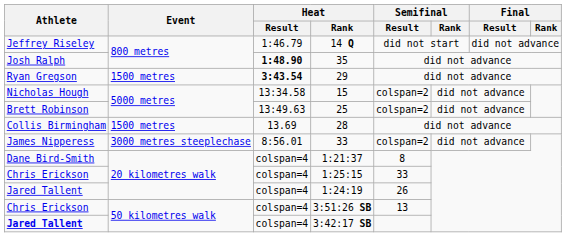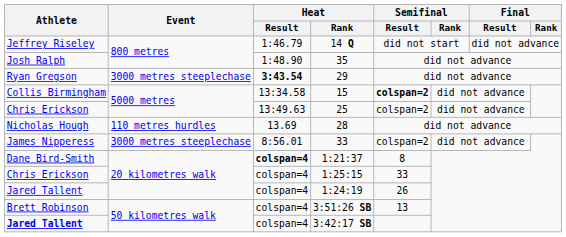 <table class="wikitable" style="font-size:90%">
 <tr>
 <th rowspan="2">Athlete</th>
 <th rowspan="2">Event</th>
 <th colspan="2">Heat</th>
 <th colspan="2">Semifinal</th>
 <th colspan="2">Final</th>
 </tr>
 <tr style="font-size:95%">
 <th>Result</th>
 <th>Rank</th>
 <th>Result</th>
 <th>Rank</th>
 <th>Result</th>
 <th>Rank</th>
 </tr>
 <tr style=text-align:center>
 <td style=text-align:left><a href='#'>Jeffrey Riseley</a></td>
 <td style=text-align:left rowspan=2><a href='#'>800 metres</a></td>
 <td>1:46.79</td>
 <td>14 <strong>Q</strong></td>
 <td colspan=2>did not start</td>
 <td colspan=2>did not advance</td>
 </tr>
 <tr style=text-align:center>
 <td style=text-align:left><a href='#'>Josh Ralph</a></td>
-<td><strong>1:48.90</strong></td>
+<td>1:48.90</td>
 <td>35</td>
 <td colspan=4>did not advance</td>
 </tr>
 <tr style=text-align:center>
 <td style=text-align:left><a href='#'>Ryan Gregson</a></td>
-<td style=text-align:left><a href='#'>1500 metres</a></td>
+<td style=text-align:left><a href='#'>3000 metres steeplechase</a></td>
 <td><strong>3:43.54</strong></td>
 <td>29</td>
 <td colspan=4>did not advance</td>
 </tr>
 <tr style=text-align:center>
-<td style=text-align:left><a href='#'>Nicholas Hough</a></td>
+<td style=text-align:left><a href='#'>Collis Birmingham</a></td>
 <td style=text-align:left rowspan=2><a href='#'>5000 metres</a></td>
 <td>13:34.58</td>
 <td>15</td>
-<td>colspan=2 </td>
+<td><strong>colspan=2 </strong></td>
 <td colspan=2>did not advance</td>
 </tr>
 <tr style=text-align:center>
-<td style=text-align:left><a href='#'>Brett Robinson</a></td>
+<td style=text-align:left><a href='#'>Chris Erickson</a></td>
 <td>13:49.63</td>
 <td>25</td>
 <td>colspan=2 </td>
 <td colspan=2>did not advance</td>
 </tr>
 <tr style=text-align:center>
-<td style=text-align:left><a href='#'>Collis Birmingham</a></td>
-<td style=text-align:left><a href='#'>1500 metres</a></td>
+<td style=text-align:left><a href='#'>Nicholas Hough</a></td>
+<td style=text-align:left><a href='#'>110 metres hurdles</a></td>
 <td>13.69</td>
 <td>28</td>
 <td colspan=4>did not advance</td>
 </tr>
 <tr style=text-align:center>
 <td style=text-align:left><a href='#'>James Nipperess</a></td>
 <td style=text-align:left><a href='#'>3000 metres steeplechase</a></td>
 <td>8:56.01</td>
 <td>33</td>
 <td>colspan=2 </td>
 <td colspan=2>did not advance</td>
 </tr>
 <tr style=text-align:center>
 <td style=text-align:left><a href='#'>Dane Bird-Smith</a></td>
 <td style=text-align:left rowspan=3><a href='#'>20 kilometres walk</a></td>
-<td>colspan=4 </td>
+<td><strong>colspan=4 </strong></td>
 <td>1:21:37</td>
 <td>8</td>
 </tr>
 <tr style=text-align:center>
 <td style=text-align:left><a href='#'>Chris Erickson</a></td>
 <td>colspan=4 </td>
 <td>1:25:15</td>
 <td>33</td>
 </tr>
 <tr style=text-align:center>
 <td style=text-align:left><a href='#'>Jared Tallent</a></td>
 <td>colspan=4 </td>
 <td>1:24:19</td>
 <td>26</td>
 </tr>
 <tr style=text-align:center>
-<td style=text-align:left><a href='#'>Chris Erickson</a></td>
+<td style=text-align:left><a href='#'>Brett Robinson</a></td>
 <td style=text-align:left rowspan=2><a href='#'>50 kilometres walk</a></td>
 <td>colspan=4 </td>
 <td>3:51:26 <strong>SB</strong></td>
 <td>13</td>
 </tr>
 <tr style=text-align:center>
 <td style=text-align:left><strong><a href='#'>Jared Tallent</a></strong></td>
 <td>colspan=4 </td>
 <td>3:42:17 <strong>SB</strong></td>
 <td></td>
 </tr>
 </table>
